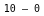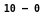 <table style="text-align:center">
 <tr>
 <th width=200></th>
 <th width=100></th>
 <th width=200></th>
 </tr>
 <tr>
 <td align=right><strong></strong></td>
-<td>10 – 0</td>
+<td><strong>10 – 0</strong></td>
 <td align=left></td>
 </tr>
 </table>
